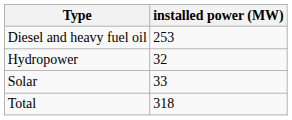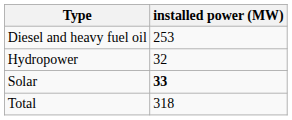 <table class="wikitable">
 <tr>
 <th>Type</th>
 <th>installed power (MW)</th>
 </tr>
 <tr>
 <td>Diesel and heavy fuel oil</td>
 <td>253</td>
 </tr>
 <tr>
 <td>Hydropower</td>
 <td>32</td>
 </tr>
 <tr>
 <td>Solar</td>
-<td>33</td>
+<td><strong>33</strong></td>
 </tr>
 <tr>
 <td>Total</td>
 <td>318</td>
 </tr>
 </table>
